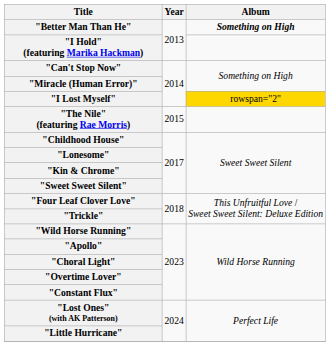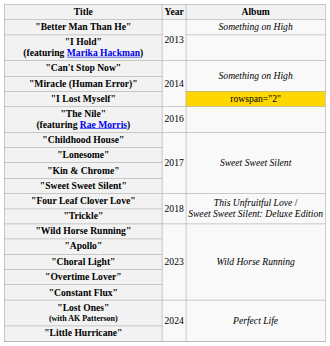 <table class="wikitable plainrowheaders" style="text-align:center">
 <tr>
 <th scope="col" style="width:16em;">Title</th>
 <th scope="col">Year</th>
 <th scope="col">Album</th>
 </tr>
 <tr>
 <th scope="row">"Better Man Than He"</th>
 <td rowspan="2">2013</td>
-<td><strong><em>Something on High</em></strong></td>
+<td><em>Something on High</em></td>
 </tr>
 <tr>
 <th scope="row">"I Hold" <br><span>(featuring <a href='#'>Marika Hackman</a>)</span></th>
 <td></td>
 </tr>
 <tr>
 <th scope="row">"Can't Stop Now"</th>
 <td rowspan="3">2014</td>
 <td rowspan="2"><em>Something on High</em></td>
 </tr>
 <tr>
 <th scope="row">"Miracle (Human Error)"</th>
 </tr>
 <tr>
 <th scope="row">"I Lost Myself"</th>
 <td style="background: gold;">rowspan="2" </td>
 </tr>
 <tr>
 <th scope="row">"The Nile"<br><span>(featuring <a href='#'>Rae Morris</a>)</span></th>
-<td>2015</td>
+<td>2016</td>
 </tr>
 <tr>
 <th scope="row">"Childhood House"</th>
 <td rowspan="4">2017</td>
 <td rowspan="4"><em>Sweet Sweet Silent</em></td>
 </tr>
 <tr>
 <th scope="row">"Lonesome"</th>
 </tr>
 <tr>
 <th scope="row">"Kin & Chrome"</th>
 </tr>
 <tr>
 <th scope="row">"Sweet Sweet Silent"</th>
 </tr>
 <tr>
 <th scope="row">"Four Leaf Clover Love"</th>
 <td rowspan="2">2018</td>
 <td rowspan="2"><em>This Unfruitful Love</em> /<br> <em>Sweet Sweet Silent: Deluxe Edition</em></td>
 </tr>
 <tr>
 <th scope="row">"Trickle"</th>
 </tr>
 <tr>
 <th scope="row">"Wild Horse Running"</th>
 <td rowspan="5">2023</td>
 <td rowspan="5"><em>Wild Horse Running</em></td>
 </tr>
 <tr>
 <th scope="row">"Apollo"</th>
 </tr>
 <tr>
 <th scope="row">"Choral Light"</th>
 </tr>
 <tr>
 <th scope="row">"Overtime Lover"</th>
 </tr>
 <tr>
 <th scope="row">"Constant Flux"</th>
 </tr>
 <tr>
 <th scope="row">"Lost Ones"<br><small>(with AK Patterson)</small></th>
 <td rowspan="2">2024</td>
 <td rowspan="2"><em>Perfect Life</em></td>
 </tr>
 <tr>
 <th scope="row">"Little Hurricane"</th>
 </tr>
 <tr>
 </tr>
 </table>
